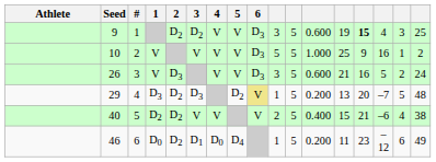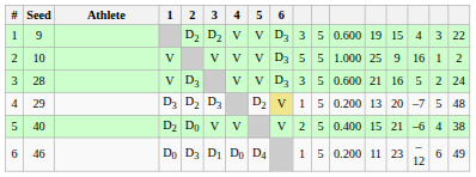 <table class="wikitable" style="text-align:center">
 <tr>
+<th width="25">#</th>
+<th width="25">Seed</th>
 <th width="200">Athlete</th>
-<th width="25">Seed</th>
-<th width="25">#</th>
 <th width="25">1</th>
 <th width="25">2</th>
 <th width="25">3</th>
 <th width="25">4</th>
 <th width="25">5</th>
 <th width="25">6</th>
 <th width="25"></th>
 <th width="25"></th>
 <th width="40"></th>
 <th width="25"></th>
 <th width="25"></th>
 <th width="25"></th>
 <th width="25"></th>
 <th width="25"></th>
 </tr>
 <tr bgcolor="#ccffcc">
+<td>1</td>
+<td>9</td>
 <td align=left></td>
-<td>9</td>
-<td>1</td>
 <td bgcolor="#cccccc"></td>
 <td>D<sub>2</sub></td>
 <td>D<sub>2</sub></td>
 <td>V</td>
 <td>V</td>
 <td>D<sub>3</sub></td>
 <td>3</td>
 <td>5</td>
 <td>0.600</td>
 <td>19</td>
-<td><strong>15</strong></td>
+<td>15</td>
 <td>4</td>
 <td>3</td>
-<td>25</td>
+<td>22</td>
 </tr>
 <tr bgcolor="#ccffcc">
+<td>2</td>
+<td>10</td>
 <td align=left></td>
-<td>10</td>
-<td>2</td>
 <td>V</td>
 <td bgcolor="#cccccc"></td>
 <td>V</td>
 <td>V</td>
 <td>V</td>
 <td>D<sub>3</sub></td>
 <td>5</td>
 <td>5</td>
 <td>1.000</td>
 <td>25</td>
 <td>9</td>
 <td>16</td>
 <td>1</td>
 <td>2</td>
 </tr>
 <tr bgcolor="#ccffcc">
+<td>3</td>
+<td>28</td>
 <td align=left></td>
-<td>26</td>
-<td>3</td>
 <td>V</td>
 <td>D<sub>3</sub></td>
 <td bgcolor="#cccccc"></td>
 <td>V</td>
 <td>V</td>
 <td>D<sub>3</sub></td>
 <td>3</td>
 <td>5</td>
 <td>0.600</td>
 <td>21</td>
 <td>16</td>
 <td>5</td>
 <td>2</td>
 <td>24</td>
 </tr>
 <tr>
+<td>4</td>
+<td>29</td>
 <td align=left></td>
-<td>29</td>
-<td>4</td>
 <td>D<sub>3</sub></td>
 <td>D<sub>2</sub></td>
 <td>D<sub>3</sub></td>
 <td bgcolor="#cccccc"></td>
 <td>D<sub>2</sub></td>
 <td style="background: khaki;">V</td>
 <td>1</td>
 <td>5</td>
 <td>0.200</td>
 <td>13</td>
 <td>20</td>
 <td>–7</td>
 <td>5</td>
 <td>48</td>
 </tr>
 <tr bgcolor="#ccffcc">
+<td>5</td>
+<td>40</td>
 <td align=left></td>
-<td>40</td>
-<td>5</td>
 <td>D<sub>2</sub></td>
-<td>D<sub>2</sub></td>
+<td>D<sub>0</sub></td>
 <td>V</td>
 <td>V</td>
 <td bgcolor="#cccccc"></td>
 <td>V</td>
 <td>2</td>
 <td>5</td>
 <td>0.400</td>
 <td>15</td>
 <td>21</td>
 <td>–6</td>
 <td>4</td>
 <td>38</td>
 </tr>
 <tr>
+<td>6</td>
+<td>46</td>
 <td align=left></td>
-<td>46</td>
-<td>6</td>
 <td>D<sub>0</sub></td>
-<td>D<sub>2</sub></td>
+<td>D<sub>3</sub></td>
 <td>D<sub>1</sub></td>
 <td>D<sub>0</sub></td>
 <td>D<sub>4</sub></td>
 <td bgcolor="#cccccc"></td>
 <td>1</td>
 <td>5</td>
 <td>0.200</td>
 <td>11</td>
 <td>23</td>
 <td>–12</td>
 <td>6</td>
 <td>49</td>
 </tr>
 </table>
